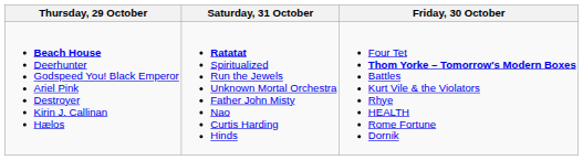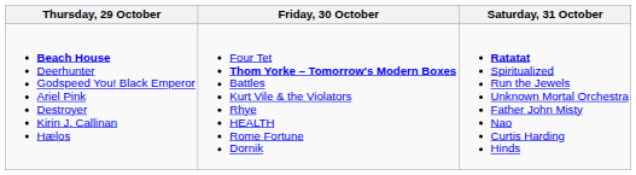 <table class="wikitable">
 <tr>
 <th>Thursday, 29 October</th>
+<th>Friday, 30 October</th>
 <th>Saturday, 31 October</th>
-<th>Friday, 30 October</th>
 </tr>
 <tr valign="top">
 <td><br><ul><li><strong><a href='#'>Beach House</a></strong></li><li><a href='#'>Deerhunter</a></li><li><a href='#'>Godspeed You! Black Emperor</a></li><li><a href='#'>Ariel Pink</a></li><li><a href='#'>Destroyer</a></li><li><a href='#'>Kirin J. Callinan</a></li><li><a href='#'>Hælos</a></li></ul></td>
+<td><br><ul><li><a href='#'>Four Tet</a></li><li><strong><a href='#'>Thom Yorke – Tomorrow's Modern Boxes</a></strong></li><li><a href='#'>Battles</a></li><li><a href='#'>Kurt Vile & the Violators</a></li><li><a href='#'>Rhye</a></li><li><a href='#'>HEALTH</a></li><li><a href='#'>Rome Fortune</a></li><li><a href='#'>Dornik</a></li></ul></td>
 <td><br><ul><li><strong><a href='#'>Ratatat</a></strong></li><li><a href='#'>Spiritualized</a></li><li><a href='#'>Run the Jewels</a></li><li><a href='#'>Unknown Mortal Orchestra</a></li><li><a href='#'>Father John Misty</a></li><li><a href='#'>Nao</a></li><li><a href='#'>Curtis Harding</a></li><li><a href='#'>Hinds</a></li></ul></td>
-<td><br><ul><li><a href='#'>Four Tet</a></li><li><strong><a href='#'>Thom Yorke – Tomorrow's Modern Boxes</a></strong></li><li><a href='#'>Battles</a></li><li><a href='#'>Kurt Vile & the Violators</a></li><li><a href='#'>Rhye</a></li><li><a href='#'>HEALTH</a></li><li><a href='#'>Rome Fortune</a></li><li><a href='#'>Dornik</a></li></ul></td>
 </tr>
 </table>
